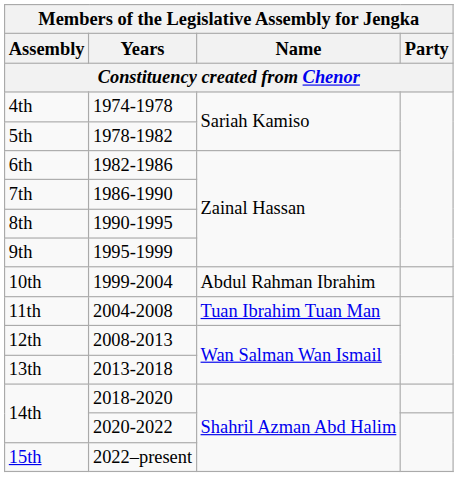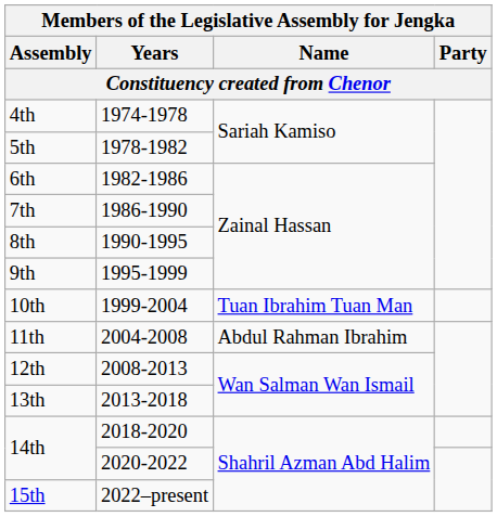 <table class="wikitable">
 <tr>
 <th colspan="4">Members of the Legislative Assembly for Jengka</th>
 </tr>
 <tr>
 <th>Assembly</th>
 <th>Years</th>
 <th>Name</th>
 <th>Party</th>
 </tr>
 <tr>
 <th colspan="4"><em>Constituency created from <a href='#'>Chenor</a></em></th>
 </tr>
 <tr>
 <td>4th</td>
 <td>1974-1978</td>
 <td rowspan="2">Sariah Kamiso</td>
 <td rowspan="6"></td>
 </tr>
 <tr>
 <td>5th</td>
 <td>1978-1982</td>
 </tr>
 <tr>
 <td>6th</td>
 <td>1982-1986</td>
 <td rowspan="4">Zainal Hassan</td>
 </tr>
 <tr>
 <td>7th</td>
 <td>1986-1990</td>
 </tr>
 <tr>
 <td>8th</td>
 <td>1990-1995</td>
 </tr>
 <tr>
 <td>9th</td>
 <td>1995-1999</td>
 </tr>
 <tr>
 <td>10th</td>
 <td>1999-2004</td>
-<td>Abdul Rahman Ibrahim</td>
+<td><a href='#'>Tuan Ibrahim Tuan Man</a></td>
 <td></td>
 </tr>
 <tr>
 <td>11th</td>
 <td>2004-2008</td>
-<td><a href='#'>Tuan Ibrahim Tuan Man</a></td>
+<td>Abdul Rahman Ibrahim</td>
 <td rowspan="3"></td>
 </tr>
 <tr>
 <td>12th</td>
 <td>2008-2013</td>
 <td rowspan="2"><a href='#'>Wan Salman Wan Ismail</a></td>
 </tr>
 <tr>
 <td>13th</td>
 <td>2013-2018</td>
 </tr>
 <tr>
 <td rowspan="2">14th</td>
 <td>2018-2020</td>
 <td rowspan="3"><a href='#'>Shahril Azman Abd Halim</a></td>
 <td></td>
 </tr>
 <tr>
 <td>2020-2022</td>
 <td rowspan="2"></td>
 </tr>
 <tr>
 <td><a href='#'>15th</a></td>
 <td>2022–present</td>
 </tr>
 </table>
